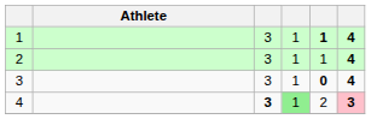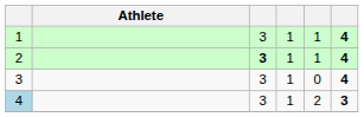 <table class="wikitable" style="text-align: center; font-size:100% ">
 <tr>
 <th width=25></th>
 <th width=250>Athlete</th>
 <th width=25></th>
 <th width=25></th>
 <th width=25></th>
 <th width=25></th>
 </tr>
 <tr bgcolor="ccffcc">
 <td>1</td>
 <td align=left></td>
 <td>3</td>
 <td>1</td>
-<td><strong>1</strong></td>
+<td>1</td>
 <td><strong>4</strong></td>
 </tr>
 <tr bgcolor="ccffcc">
 <td>2</td>
 <td align=left></td>
-<td>3</td>
+<td><strong>3</strong></td>
 <td>1</td>
 <td>1</td>
 <td><strong>4</strong></td>
 </tr>
 <tr>
 <td>3</td>
 <td align=left></td>
 <td>3</td>
 <td>1</td>
-<td><strong>0</strong></td>
+<td>0</td>
 <td><strong>4</strong></td>
 </tr>
 <tr>
-<td>4</td>
+<td style="background: lightblue;">4</td>
 <td align=left></td>
+<td>3</td>
+<td>1</td>
+<td>2</td>
 <td><strong>3</strong></td>
-<td style="background: lightgreen;">1</td>
-<td>2</td>
-<td style="background: pink;"><strong>3</strong></td>
 </tr>
 <tr>
 </tr>
 </table>
